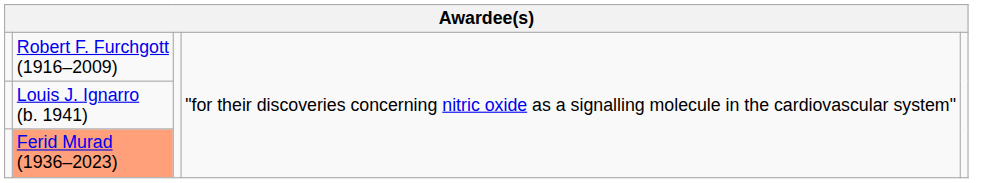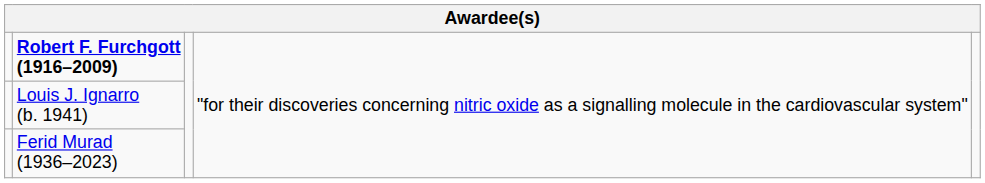 <table class="wikitable">
 <tr>
 <th colspan="5">Awardee(s)</th>
 </tr>
 <tr>
 <td></td>
-<td><a href='#'>Robert F. Furchgott</a><br>(1916–2009)</td>
+<td><strong><a href='#'>Robert F. Furchgott</a><br>(1916–2009)</strong></td>
 <td rowspan="3"></td>
 <td rowspan="3">"for their discoveries concerning <a href='#'>nitric oxide</a> as a signalling molecule in the cardiovascular system"</td>
 <td rowspan="3"></td>
 </tr>
 <tr>
 <td></td>
 <td><a href='#'>Louis J. Ignarro</a><br>(b. 1941)</td>
 </tr>
 <tr>
 <td></td>
-<td style="background: lightsalmon;"><a href='#'>Ferid Murad</a><br>(1936–2023)</td>
+<td><a href='#'>Ferid Murad</a><br>(1936–2023)</td>
 </tr>
 </table>
